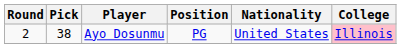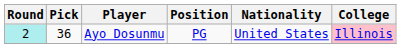 <table class="wikitable sortable sortable">
 <tr>
 <th>Round</th>
 <th>Pick</th>
 <th>Player</th>
 <th>Position</th>
 <th>Nationality</th>
 <th>College</th>
 </tr>
 <tr style="text-align: center">
-<td>2</td>
-<td>38</td>
+<td style="background: paleturquoise;">2</td>
+<td>36</td>
 <td><a href='#'>Ayo Dosunmu</a></td>
 <td><a href='#'>PG</a></td>
 <td> <a href='#'>United States</a></td>
 <td style="background: pink;"><a href='#'>Illinois</a></td>
 </tr>
 <tr style="text-align: point guard">
 </tr>
 </table>
